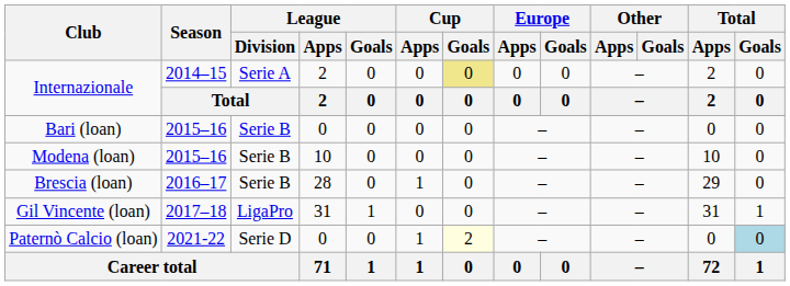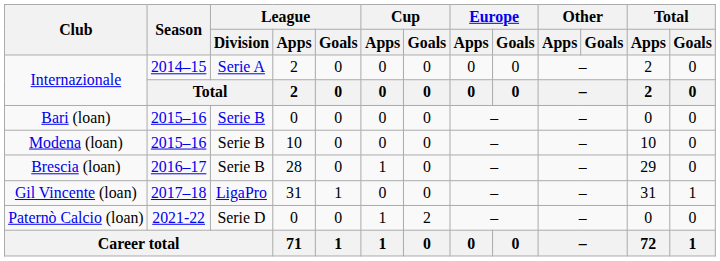 <table class="wikitable" style="text-align: center;">
 <tr>
 <th rowspan="2">Club</th>
 <th rowspan="2">Season</th>
 <th colspan="3">League</th>
 <th colspan="2">Cup</th>
 <th colspan="2"><a href='#'>Europe</a></th>
 <th colspan="2">Other</th>
 <th colspan="2">Total</th>
 </tr>
 <tr>
 <th>Division</th>
 <th>Apps</th>
 <th>Goals</th>
 <th>Apps</th>
 <th>Goals</th>
 <th>Apps</th>
 <th>Goals</th>
 <th>Apps</th>
 <th>Goals</th>
 <th>Apps</th>
 <th>Goals</th>
 </tr>
 <tr>
 <td rowspan="2" valign="center"><a href='#'>Internazionale</a></td>
 <td><a href='#'>2014–15</a></td>
 <td><a href='#'>Serie A</a></td>
 <td>2</td>
 <td>0</td>
 <td>0</td>
-<td style="background: khaki;">0</td>
+<td>0</td>
 <td>0</td>
 <td>0</td>
 <td colspan="2">–</td>
 <td>2</td>
 <td>0</td>
 </tr>
 <tr>
 <th colspan="2">Total</th>
 <th>2</th>
 <th>0</th>
 <th>0</th>
 <th>0</th>
 <th>0</th>
 <th>0</th>
 <th colspan="2">–</th>
 <th>2</th>
 <th>0</th>
 </tr>
 <tr>
 <td><a href='#'>Bari</a> (loan)</td>
 <td><a href='#'>2015–16</a></td>
 <td><a href='#'>Serie B</a></td>
 <td>0</td>
 <td>0</td>
 <td>0</td>
 <td>0</td>
 <td colspan="2">–</td>
 <td colspan="2">–</td>
 <td>0</td>
 <td>0</td>
 </tr>
 <tr>
 <td><a href='#'>Modena</a> (loan)</td>
 <td><a href='#'>2015–16</a></td>
 <td>Serie B</td>
 <td>10</td>
 <td>0</td>
 <td>0</td>
 <td>0</td>
 <td colspan="2">–</td>
 <td colspan="2">–</td>
 <td>10</td>
 <td>0</td>
 </tr>
 <tr>
 <td><a href='#'>Brescia</a> (loan)</td>
 <td><a href='#'>2016–17</a></td>
 <td>Serie B</td>
 <td>28</td>
 <td>0</td>
 <td>1</td>
 <td>0</td>
 <td colspan="2">–</td>
 <td colspan="2">–</td>
 <td>29</td>
 <td>0</td>
 </tr>
 <tr>
 <td><a href='#'>Gil Vincente</a> (loan)</td>
 <td><a href='#'>2017–18</a></td>
 <td><a href='#'>LigaPro</a></td>
 <td>31</td>
 <td>1</td>
 <td>0</td>
 <td>0</td>
 <td colspan="2">–</td>
 <td colspan="2">–</td>
 <td>31</td>
 <td>1</td>
 </tr>
 <tr>
 <td><a href='#'>Paternò Calcio</a> (loan)</td>
 <td><a href='#'>2021-22</a></td>
 <td>Serie D</td>
 <td>0</td>
 <td>0</td>
 <td>1</td>
-<td style="background: lightyellow;">2</td>
+<td>2</td>
 <td colspan="2">–</td>
 <td colspan="2">–</td>
 <td>0</td>
-<td style="background: lightblue;">0</td>
+<td>0</td>
 </tr>
 <tr>
 <th colspan="3">Career total</th>
 <th>71</th>
 <th>1</th>
 <th>1</th>
 <th>0</th>
 <th>0</th>
 <th>0</th>
 <th colspan="2">–</th>
 <th>72</th>
 <th>1</th>
 </tr>
 </table>
